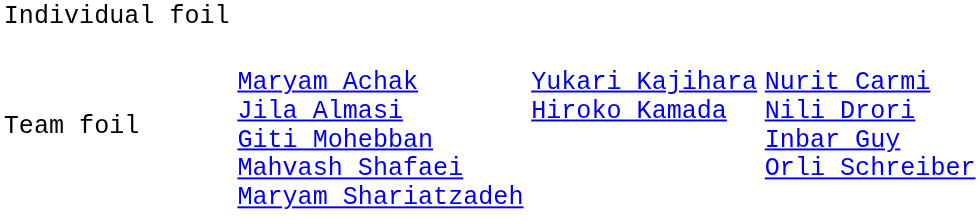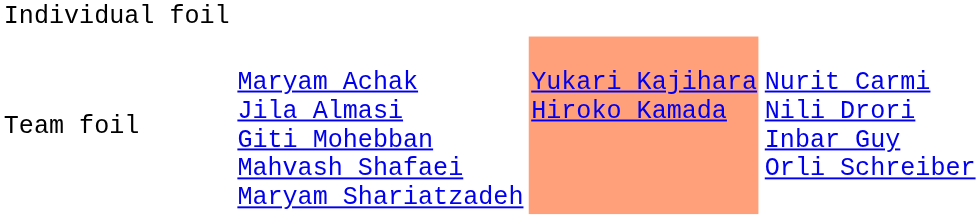 <table>
 <tr>
 <td>Individual foil<br></td>
 <td></td>
 <td></td>
 <td></td>
 </tr>
 <tr>
 <td>Team foil<br></td>
 <td><br><a href='#'>Maryam Achak</a><br><a href='#'>Jila Almasi</a><br><a href='#'>Giti Mohebban</a><br><a href='#'>Mahvash Shafaei</a><br><a href='#'>Maryam Shariatzadeh</a></td>
-<td valign=top><br><a href='#'>Yukari Kajihara</a><br><a href='#'>Hiroko Kamada</a></td>
+<td valign=top style="background: lightsalmon;"><br><a href='#'>Yukari Kajihara</a><br><a href='#'>Hiroko Kamada</a></td>
 <td valign=top><br><a href='#'>Nurit Carmi</a><br><a href='#'>Nili Drori</a><br><a href='#'>Inbar Guy</a><br><a href='#'>Orli Schreiber</a></td>
 </tr>
 </table>
